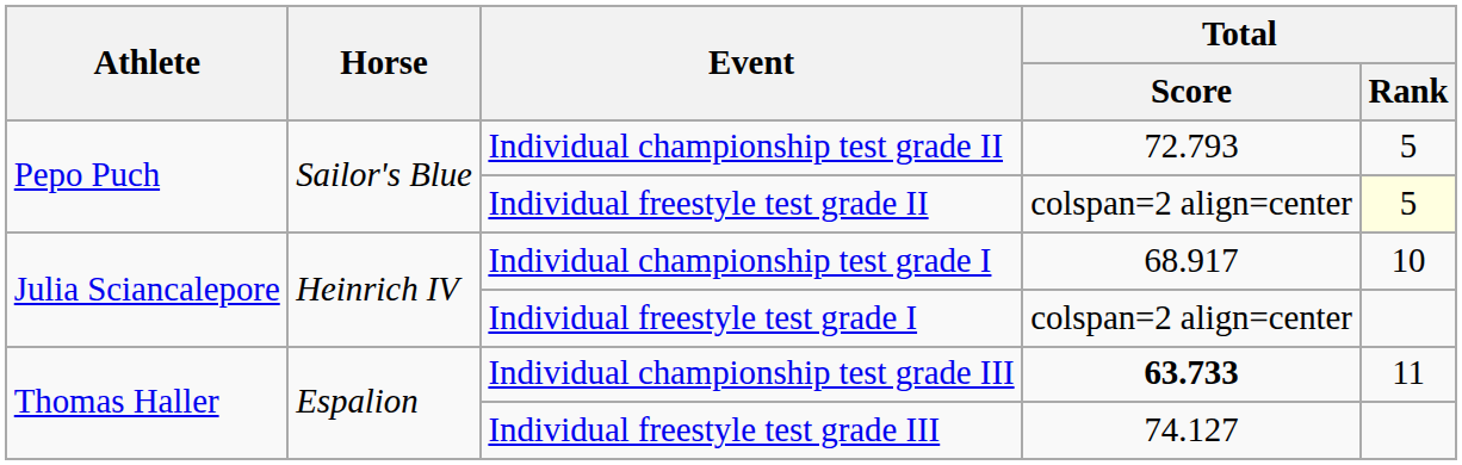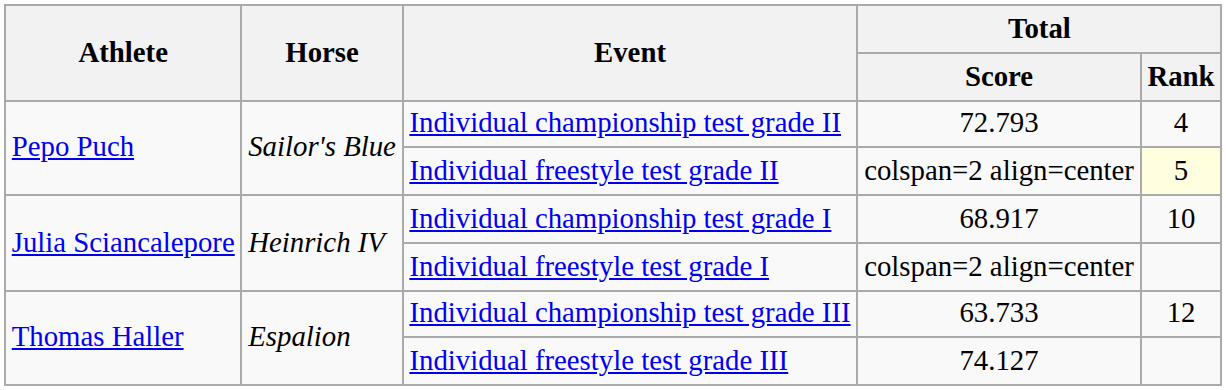 <table class=wikitable style="font-size:90%">
 <tr>
 <th rowspan="2">Athlete</th>
 <th rowspan="2">Horse</th>
 <th rowspan="2">Event</th>
 <th colspan="2">Total</th>
 </tr>
 <tr>
 <th>Score</th>
 <th>Rank</th>
 </tr>
 <tr>
 <td rowspan="2"><a href='#'>Pepo Puch</a></td>
 <td rowspan="2"><em>Sailor's Blue</em></td>
 <td><a href='#'>Individual championship test grade II</a></td>
 <td align=center>72.793</td>
-<td align=center>5</td>
+<td align=center>4</td>
 </tr>
 <tr>
 <td><a href='#'>Individual freestyle test grade II</a></td>
 <td>colspan=2 align=center </td>
 <td align=center style="background: lightyellow;">5</td>
 </tr>
 <tr>
 <td rowspan="2"><a href='#'>Julia Sciancalepore</a></td>
 <td rowspan="2"><em>Heinrich IV</em></td>
 <td><a href='#'>Individual championship test grade I</a></td>
 <td align=center>68.917</td>
 <td align=center>10</td>
 </tr>
 <tr>
 <td><a href='#'>Individual freestyle test grade I</a></td>
 <td>colspan=2 align=center </td>
 </tr>
 <tr>
 <td rowspan="2"><a href='#'>Thomas Haller</a></td>
 <td rowspan="2"><em>Espalion</em></td>
 <td><a href='#'>Individual championship test grade III</a></td>
-<td align=center><strong>63.733</strong></td>
-<td align=center>11</td>
+<td align=center>63.733</td>
+<td align=center>12</td>
 </tr>
 <tr>
 <td><a href='#'>Individual freestyle test grade III</a></td>
 <td align=center>74.127</td>
 </tr>
 </table>
